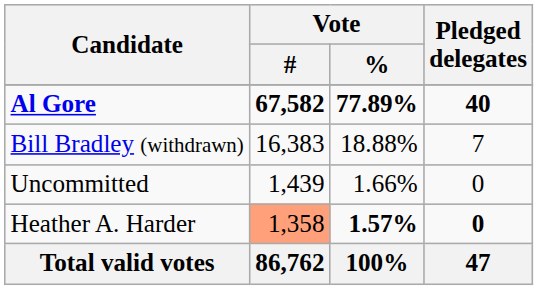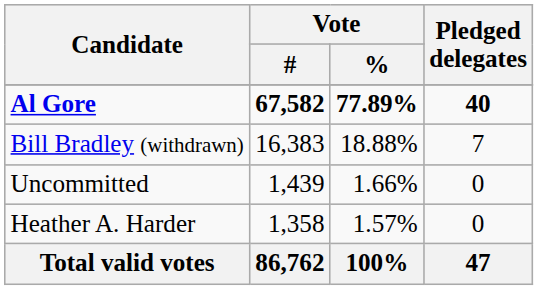 <table class="wikitable sortable plainrowheaders" style="text-align:right;">
 <tr>
 <th rowspan="2">Candidate</th>
 <th colspan="2">Vote</th>
 <th rowspan="2">Pledged<br>delegates</th>
 </tr>
 <tr>
 <th>#</th>
 <th>%</th>
 </tr>
 <tr>
 </tr>
 <tr>
 <td style="text-align:left;"><strong><a href='#'>Al Gore</a></strong></td>
 <td><strong>67,582</strong></td>
 <td><strong>77.89%</strong></td>
 <td style="text-align:center;"><strong>40</strong></td>
 </tr>
 <tr>
 <td style="text-align:left;"><a href='#'>Bill Bradley</a> <small>(withdrawn)</small></td>
 <td>16,383</td>
 <td>18.88%</td>
 <td style="text-align:center;">7</td>
 </tr>
 <tr>
 <td style="text-align:left;">Uncommitted</td>
 <td>1,439</td>
 <td>1.66%</td>
 <td style="text-align:center;">0</td>
 </tr>
 <tr>
 <td style="text-align:left;">Heather A. Harder</td>
-<td style="background: lightsalmon;">1,358</td>
-<td><strong>1.57%</strong></td>
-<td style="text-align:center;"><strong>0</strong></td>
+<td>1,358</td>
+<td>1.57%</td>
+<td style="text-align:center;">0</td>
 </tr>
 <tr class="sortbottom">
 <th>Total valid votes</th>
 <th>86,762</th>
 <th>100%</th>
 <th>47</th>
 </tr>
 </table>
